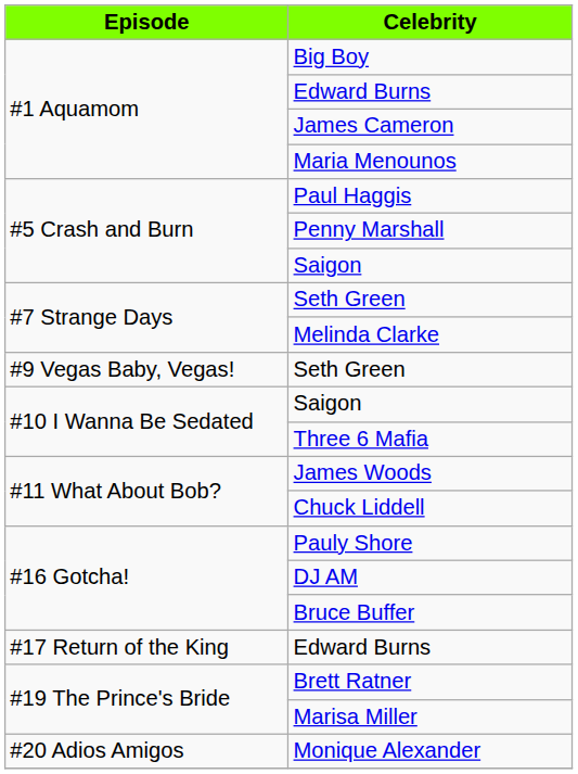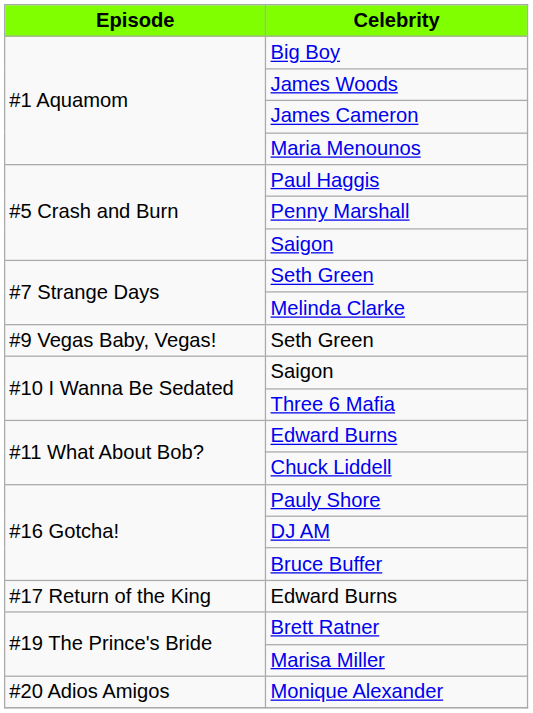 <table class="wikitable">
 <tr style="color:black">
 <th style="background:#7fff00; width:200px;">Episode</th>
 <th style="background:#7fff00; width:200px;">Celebrity</th>
 </tr>
 <tr>
 <td rowspan="4">#1 Aquamom</td>
 <td><a href='#'>Big Boy</a></td>
 </tr>
 <tr>
-<td><a href='#'>Edward Burns</a></td>
+<td><a href='#'>James Woods</a></td>
 </tr>
 <tr>
 <td><a href='#'>James Cameron</a></td>
 </tr>
 <tr>
 <td><a href='#'>Maria Menounos</a></td>
 </tr>
 <tr>
 <td rowspan="3">#5 Crash and Burn</td>
 <td><a href='#'>Paul Haggis</a></td>
 </tr>
 <tr>
 <td><a href='#'>Penny Marshall</a></td>
 </tr>
 <tr>
 <td><a href='#'>Saigon</a></td>
 </tr>
 <tr>
 <td rowspan="2">#7 Strange Days</td>
 <td><a href='#'>Seth Green</a></td>
 </tr>
 <tr>
 <td><a href='#'>Melinda Clarke</a></td>
 </tr>
 <tr>
 <td>#9 Vegas Baby, Vegas!</td>
 <td>Seth Green</td>
 </tr>
 <tr>
 <td rowspan="2">#10 I Wanna Be Sedated</td>
 <td>Saigon</td>
 </tr>
 <tr>
 <td><a href='#'>Three 6 Mafia</a></td>
 </tr>
 <tr>
 <td rowspan="2">#11 What About Bob?</td>
-<td><a href='#'>James Woods</a></td>
+<td><a href='#'>Edward Burns</a></td>
 </tr>
 <tr>
 <td><a href='#'>Chuck Liddell</a></td>
 </tr>
 <tr>
 <td rowspan="3">#16 Gotcha!</td>
 <td><a href='#'>Pauly Shore</a></td>
 </tr>
 <tr>
 <td><a href='#'>DJ AM</a></td>
 </tr>
 <tr>
 <td><a href='#'>Bruce Buffer</a></td>
 </tr>
 <tr>
 <td>#17 Return of the King</td>
 <td>Edward Burns</td>
 </tr>
 <tr>
 <td rowspan="2">#19 The Prince's Bride</td>
 <td><a href='#'>Brett Ratner</a></td>
 </tr>
 <tr>
 <td><a href='#'>Marisa Miller</a></td>
 </tr>
 <tr>
 <td rowspan="1">#20 Adios Amigos</td>
 <td><a href='#'>Monique Alexander</a></td>
 </tr>
 <tr>
 </tr>
 </table>
